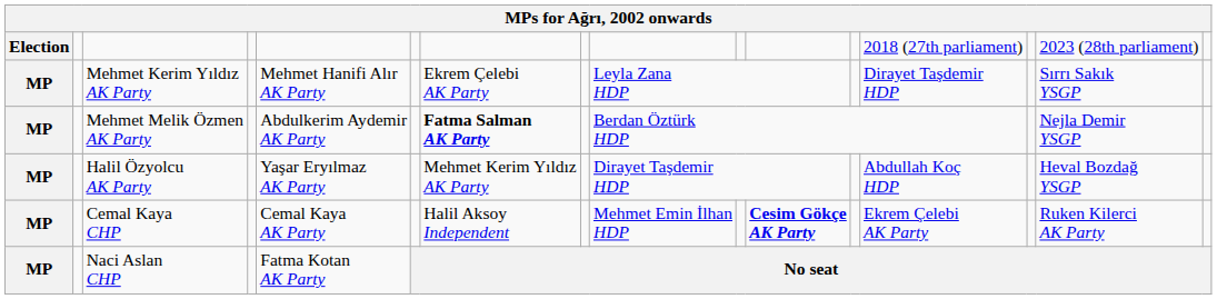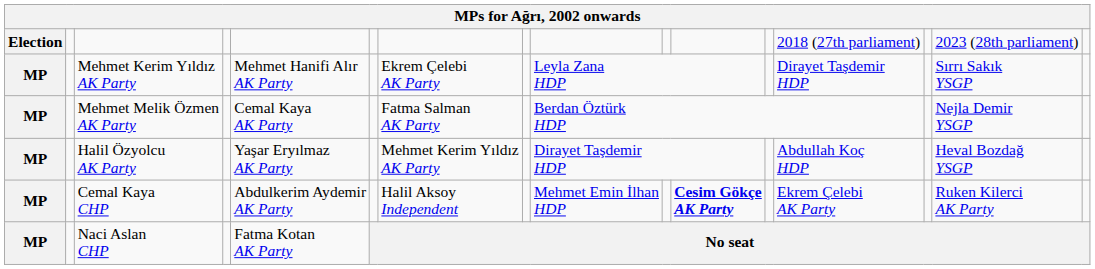 <table class="wikitable">
 <tr>
 <th colspan="16">MPs for Ağrı, 2002 onwards</th>
 </tr>
 <tr>
 <th>Election</th>
 <td style="width:1px;"></td>
 <td></td>
 <td style="width:1px;"></td>
 <td></td>
 <td style="width:1px;"></td>
 <td></td>
 <td style="width:1px;"></td>
 <td></td>
 <td style="width:1px;"></td>
 <td></td>
 <td></td>
 <td><a href='#'>2018</a> (<a href='#'>27th parliament</a>)</td>
 <td></td>
 <td><a href='#'>2023</a> (<a href='#'>28th parliament</a>)</td>
 <td></td>
 </tr>
 <tr>
 <th>MP</th>
 <td width="1px" style="background-color: "></td>
 <td>Mehmet Kerim Yıldız<br><em><a href='#'>AK Party</a></em></td>
 <td width="1px" style="background-color: "></td>
 <td>Mehmet Hanifi Alır<br><em><a href='#'>AK Party</a></em></td>
 <td width="1px" style="background-color: "></td>
 <td>Ekrem Çelebi<br><em><a href='#'>AK Party</a></em></td>
 <td width="1px" style="background-color: "></td>
 <td colspan="3"><a href='#'>Leyla Zana</a><br><em><a href='#'>HDP</a></em></td>
 <td width="1px" style="background-color: "></td>
 <td><a href='#'>Dirayet Taşdemir</a><br><em><a href='#'>HDP</a></em></td>
 <td style="background:"></td>
 <td><a href='#'>Sırrı Sakık</a><br><em><a href='#'>YSGP</a></em></td>
 <td style="background:"></td>
 </tr>
 <tr>
 <th>MP</th>
 <td width="1px" style="background-color: "></td>
 <td>Mehmet Melik Özmen<br><em><a href='#'>AK Party</a></em></td>
 <td width="1px" style="background-color: "></td>
-<td>Abdulkerim Aydemir<br><em><a href='#'>AK Party</a></em></td>
+<td>Cemal Kaya<br><em><a href='#'>AK Party</a></em></td>
 <td width="1px" style="background-color: "></td>
-<td><strong>Fatma Salman<br><em><a href='#'>AK Party</a></em></strong></td>
+<td>Fatma Salman<br><em><a href='#'>AK Party</a></em></td>
 <td width="1px" style="background-color: "></td>
 <td colspan="5"><a href='#'>Berdan Öztürk</a><br><em><a href='#'>HDP</a></em></td>
 <td style="background:"></td>
 <td><a href='#'>Nejla Demir</a><br><em><a href='#'>YSGP</a></em></td>
 <td style="background:"></td>
 </tr>
 <tr>
 <th>MP</th>
 <td width="1px" style="background-color: "></td>
 <td>Halil Özyolcu<br><em><a href='#'>AK Party</a></em></td>
 <td width="1px" style="background-color: "></td>
 <td>Yaşar Eryılmaz<br><em><a href='#'>AK Party</a></em></td>
 <td width="1px" style="background-color: "></td>
 <td>Mehmet Kerim Yıldız<br><em><a href='#'>AK Party</a></em></td>
 <td width="1px" style="background-color: "></td>
 <td colspan="3"><a href='#'>Dirayet Taşdemir</a><br><em><a href='#'>HDP</a></em></td>
 <td width="1px" style="background-color: "></td>
 <td><a href='#'>Abdullah Koç</a><br><em><a href='#'>HDP</a></em></td>
 <td style="background:"></td>
 <td><a href='#'>Heval Bozdağ</a><br><em><a href='#'>YSGP</a></em></td>
 <td style="background:"></td>
 </tr>
 <tr>
 <th>MP</th>
 <td width="1px" style="background-color: "></td>
 <td>Cemal Kaya<br><em><a href='#'>CHP</a></em></td>
 <td width="1px" style="background-color: "></td>
-<td>Cemal Kaya<br><em><a href='#'>AK Party</a></em></td>
+<td>Abdulkerim Aydemir<br><em><a href='#'>AK Party</a></em></td>
 <td width="1px" style="background-color: "></td>
 <td>Halil Aksoy<br><em><a href='#'>Independent</a></em></td>
 <td width="1px" style="background-color: "></td>
 <td><a href='#'>Mehmet Emin İlhan</a><br><em><a href='#'>HDP</a></em></td>
 <td width="1px" style="background-color: "></td>
 <td><strong><a href='#'>Cesim Gökçe</a><br><em><a href='#'>AK Party</a></em></strong></td>
 <td width="1px" style="background-color: "></td>
 <td><a href='#'>Ekrem Çelebi</a><br><em><a href='#'>AK Party</a></em></td>
 <td width="1px" style="background-color: "></td>
 <td><a href='#'>Ruken Kilerci</a><br><em><a href='#'>AK Party</a></em></td>
 <td width="1px" style="background-color: "></td>
 </tr>
 <tr>
 <th>MP</th>
 <td width="1px" style="background-color: "></td>
 <td>Naci Aslan<br><em><a href='#'>CHP</a></em></td>
 <td width="1px" style="background-color: "></td>
 <td>Fatma Kotan<br><em><a href='#'>AK Party</a></em></td>
 <th colspan="11">No seat</th>
 </tr>
 </table>
